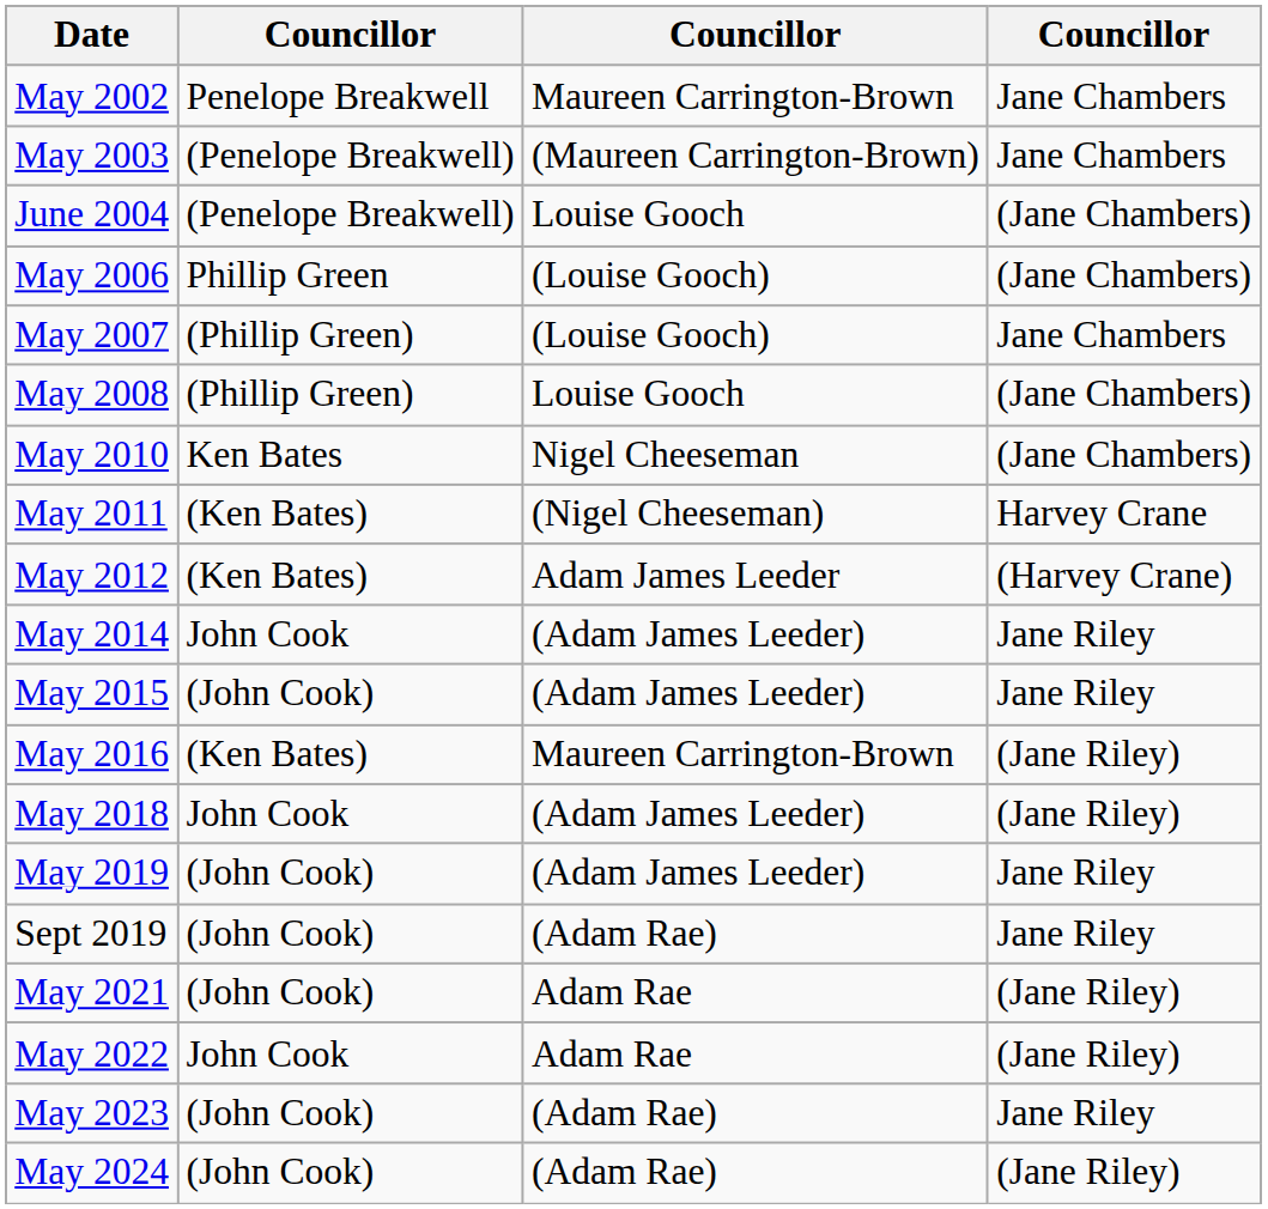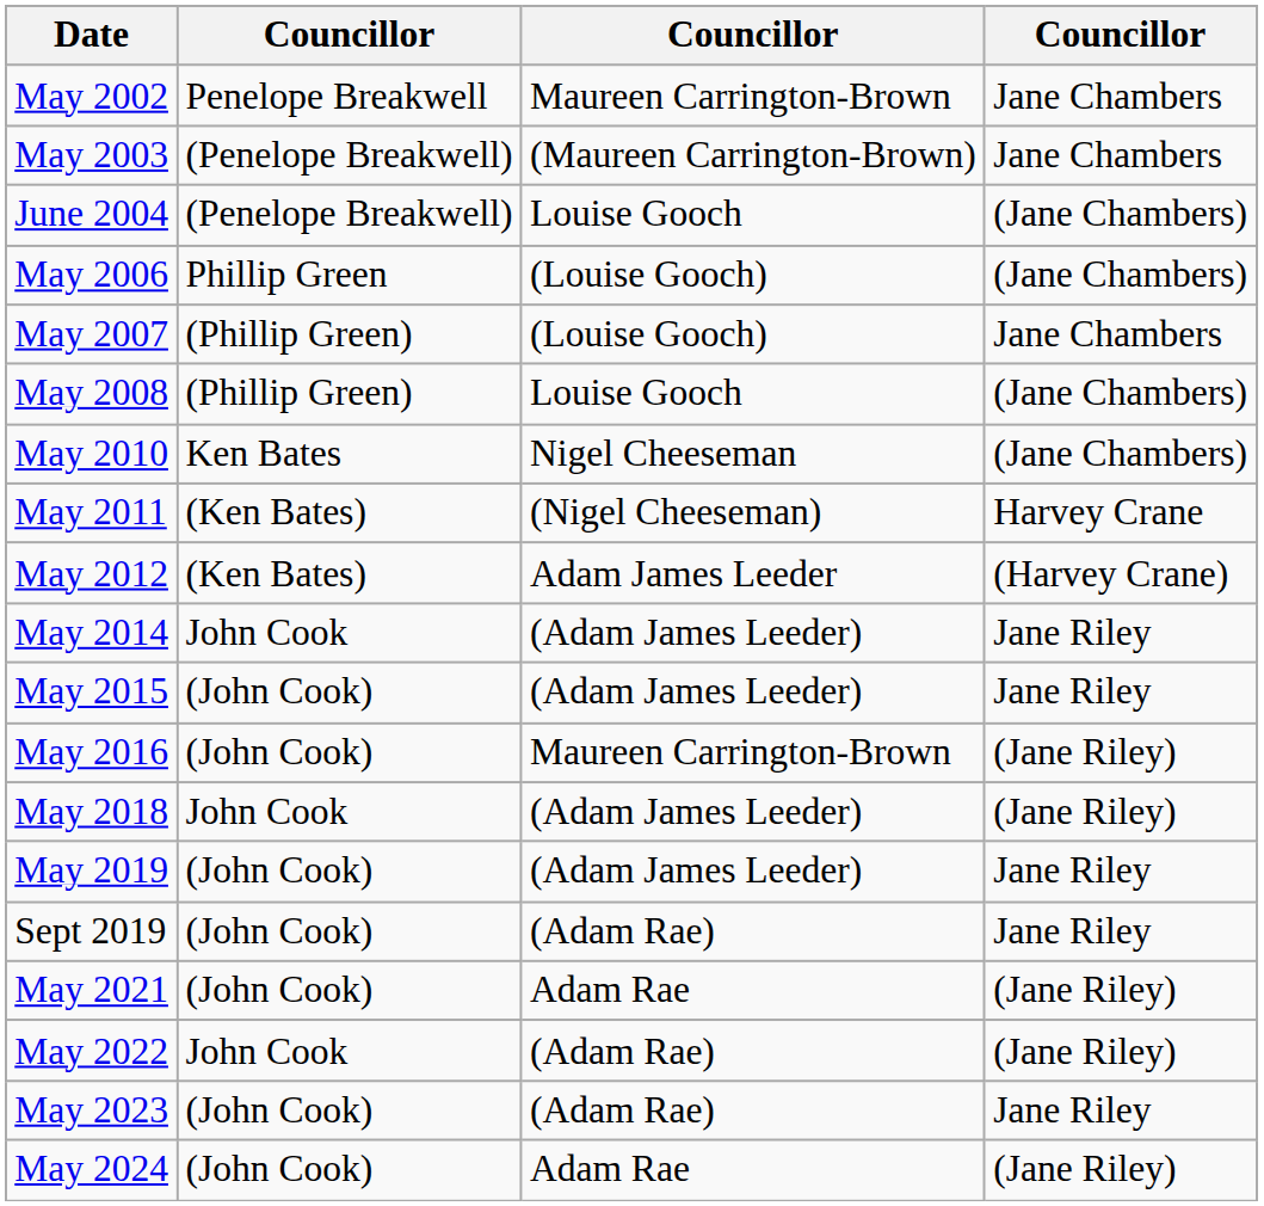 <table class="wikitable">
 <tr>
 <th>Date</th>
 <th>Councillor</th>
 <th>Councillor</th>
 <th>Councillor</th>
 </tr>
 <tr>
 <td><a href='#'>May 2002</a></td>
 <td ! style="background-color:">Penelope Breakwell</td>
 <td ! style="background-color:">Maureen Carrington-Brown</td>
 <td ! style="background-color:">Jane Chambers</td>
 </tr>
 <tr>
 <td><a href='#'>May 2003</a></td>
 <td ! style="background-color:">(Penelope Breakwell)</td>
 <td ! style="background-color:">(Maureen Carrington-Brown)</td>
 <td ! style="background-color:">Jane Chambers</td>
 </tr>
 <tr>
 <td><a href='#'>June 2004</a></td>
 <td ! style="background-color:">(Penelope Breakwell)</td>
 <td ! style="background-color:">Louise Gooch</td>
 <td ! style="background-color:">(Jane Chambers)</td>
 </tr>
 <tr>
 <td><a href='#'>May 2006</a></td>
 <td ! style="background-color:">Phillip Green</td>
 <td ! style="background-color:">(Louise Gooch)</td>
 <td ! style="background-color:">(Jane Chambers)</td>
 </tr>
 <tr>
 <td><a href='#'>May 2007</a></td>
 <td ! style="background-color:">(Phillip Green)</td>
 <td ! style="background-color:">(Louise Gooch)</td>
 <td ! style="background-color:">Jane Chambers</td>
 </tr>
 <tr>
 <td><a href='#'>May 2008</a></td>
 <td ! style="background-color:">(Phillip Green)</td>
 <td ! style="background-color:">Louise Gooch</td>
 <td ! style="background-color:">(Jane Chambers)</td>
 </tr>
 <tr>
 <td><a href='#'>May 2010</a></td>
 <td ! style="background-color:">Ken Bates</td>
 <td ! style="background-color:">Nigel Cheeseman</td>
 <td ! style="background-color:">(Jane Chambers)</td>
 </tr>
 <tr>
 <td><a href='#'>May 2011</a></td>
 <td ! style="background-color:">(Ken Bates)</td>
 <td ! style="background-color:">(Nigel Cheeseman)</td>
 <td ! style="background-color:">Harvey Crane</td>
 </tr>
 <tr>
 <td><a href='#'>May 2012</a></td>
 <td ! style="background-color:">(Ken Bates)</td>
 <td ! style="background-color:">Adam James Leeder</td>
 <td ! style="background-color:">(Harvey Crane)</td>
 </tr>
 <tr>
 <td><a href='#'>May 2014</a></td>
 <td ! style="background-color:">John Cook</td>
 <td ! style="background-color:">(Adam James Leeder)</td>
 <td ! style="background-color:">Jane Riley</td>
 </tr>
 <tr>
 <td><a href='#'>May 2015</a></td>
 <td ! style="background-color:">(John Cook)</td>
 <td ! style="background-color:">(Adam James Leeder)</td>
 <td ! style="background-color:">Jane Riley</td>
 </tr>
 <tr>
 <td><a href='#'>May 2016</a></td>
-<td ! style="background-color:">(Ken Bates)</td>
+<td ! style="background-color:">(John Cook)</td>
 <td ! style="background-color:">Maureen Carrington-Brown</td>
 <td ! style="background-color:">(Jane Riley)</td>
 </tr>
 <tr>
 <td><a href='#'>May 2018</a></td>
 <td ! style="background-color:">John Cook</td>
 <td ! style="background-color:">(Adam James Leeder)</td>
 <td ! style="background-color:">(Jane Riley)</td>
 </tr>
 <tr>
 <td><a href='#'>May 2019</a></td>
 <td ! style="background-color:">(John Cook)</td>
 <td ! style="background-color:">(Adam James Leeder)</td>
 <td ! style="background-color:">Jane Riley</td>
 </tr>
 <tr>
 <td>Sept 2019</td>
 <td ! style="background-color:">(John Cook)</td>
 <td ! style="background-color:">(Adam Rae)</td>
 <td ! style="background-color:">Jane Riley</td>
 </tr>
 <tr>
 <td><a href='#'>May 2021</a></td>
 <td ! style="background-color:">(John Cook)</td>
 <td ! style="background-color:">Adam Rae</td>
 <td ! style="background-color:">(Jane Riley)</td>
 </tr>
 <tr>
 <td><a href='#'>May 2022</a></td>
 <td ! style="background-color:">John Cook</td>
-<td ! style="background-color:">Adam Rae</td>
+<td ! style="background-color:">(Adam Rae)</td>
 <td ! style="background-color:">(Jane Riley)</td>
 </tr>
 <tr>
 <td><a href='#'>May 2023</a></td>
 <td ! style="background-color:">(John Cook)</td>
 <td ! style="background-color:">(Adam Rae)</td>
 <td ! style="background-color:">Jane Riley</td>
 </tr>
 <tr>
 <td><a href='#'>May 2024</a></td>
 <td ! style="background-color:">(John Cook)</td>
-<td ! style="background-color:">(Adam Rae)</td>
+<td ! style="background-color:">Adam Rae</td>
 <td ! style="background-color:">(Jane Riley)</td>
 </tr>
 </table>
